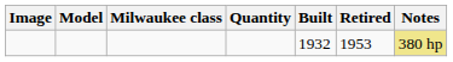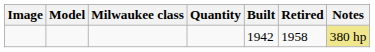 <table class="wikitable">
 <tr>
 <th>Image</th>
 <th>Model</th>
 <th>Milwaukee class</th>
 <th>Quantity</th>
 <th>Built</th>
 <th>Retired</th>
 <th>Notes</th>
 </tr>
 <tr>
 <td></td>
 <td></td>
 <td></td>
 <td></td>
-<td>1932</td>
-<td>1953</td>
+<td>1942</td>
+<td>1958</td>
 <td style="background: khaki;">380 hp</td>
 </tr>
 </table>
